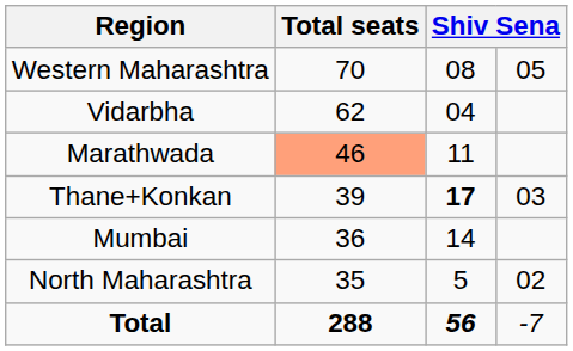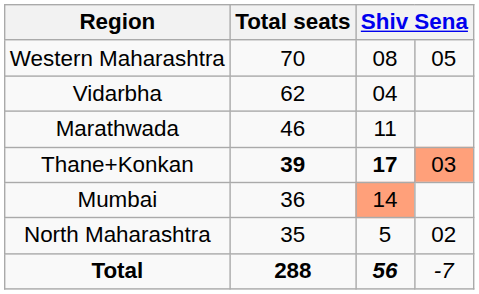 <table class="wikitable sortable" style="text-align:center;">
 <tr>
 <th>Region</th>
 <th>Total seats</th>
 <th colspan="2"><a href='#'>Shiv Sena</a></th>
 </tr>
 <tr>
 <td>Western Maharashtra</td>
 <td>70</td>
 <td>08</td>
 <td> 05</td>
 </tr>
 <tr>
 <td>Vidarbha</td>
 <td>62</td>
 <td>04</td>
 <td></td>
 </tr>
 <tr>
 <td>Marathwada</td>
-<td style="background: lightsalmon;">46</td>
+<td>46</td>
 <td>11</td>
 <td></td>
 </tr>
 <tr>
 <td>Thane+Konkan</td>
-<td>39</td>
+<td><strong>39</strong></td>
 <td><strong>17</strong></td>
-<td> 03</td>
+<td style="background: lightsalmon;"> 03</td>
 </tr>
 <tr>
 <td>Mumbai</td>
 <td>36</td>
-<td>14</td>
+<td style="background: lightsalmon;">14</td>
 <td></td>
 </tr>
 <tr>
 <td>North Maharashtra</td>
 <td>35</td>
 <td>5</td>
 <td> 02</td>
 </tr>
 <tr>
 <td><strong>Total</strong></td>
 <td><strong>288</strong></td>
 <td><strong><em>56</em></strong></td>
 <td><em>-7</em></td>
 </tr>
 </table>
